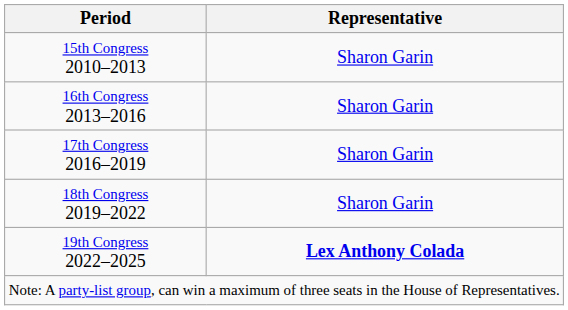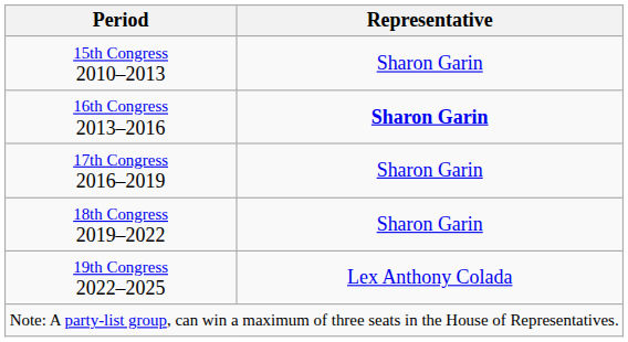 <table class="wikitable";" style="text-align:center">
 <tr>
 <th>Period</th>
 <th>Representative</th>
 </tr>
 <tr>
 <td><small><a href='#'>15th Congress</a></small><br>2010–2013</td>
 <td><a href='#'>Sharon Garin</a></td>
 </tr>
 <tr>
 <td><small><a href='#'>16th Congress</a></small><br>2013–2016</td>
-<td><a href='#'>Sharon Garin</a></td>
+<td><strong><a href='#'>Sharon Garin</a></strong></td>
 </tr>
 <tr>
 <td><small><a href='#'>17th Congress</a></small><br>2016–2019</td>
 <td><a href='#'>Sharon Garin</a></td>
 </tr>
 <tr>
 <td><small><a href='#'>18th Congress</a></small><br>2019–2022</td>
 <td><a href='#'>Sharon Garin</a></td>
 </tr>
 <tr>
 <td><small><a href='#'>19th Congress</a></small><br>2022–2025</td>
-<td><strong><a href='#'>Lex Anthony Colada</a></strong></td>
+<td><a href='#'>Lex Anthony Colada</a></td>
 </tr>
 <tr>
 <td colspan=2><small>Note: A <a href='#'>party-list group</a>, can win a maximum of three seats in the House of Representatives.</small></td>
 </tr>
 </table>
